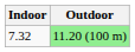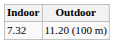 <table class="wikitable" border="1" align="upright">
 <tr>
 <th>Indoor</th>
 <th>Outdoor</th>
 </tr>
 <tr>
 <td>7.32</td>
-<td style="background: lightgreen;">11.20 (100 m)</td>
+<td>11.20 (100 m)</td>
 </tr>
 </table>
